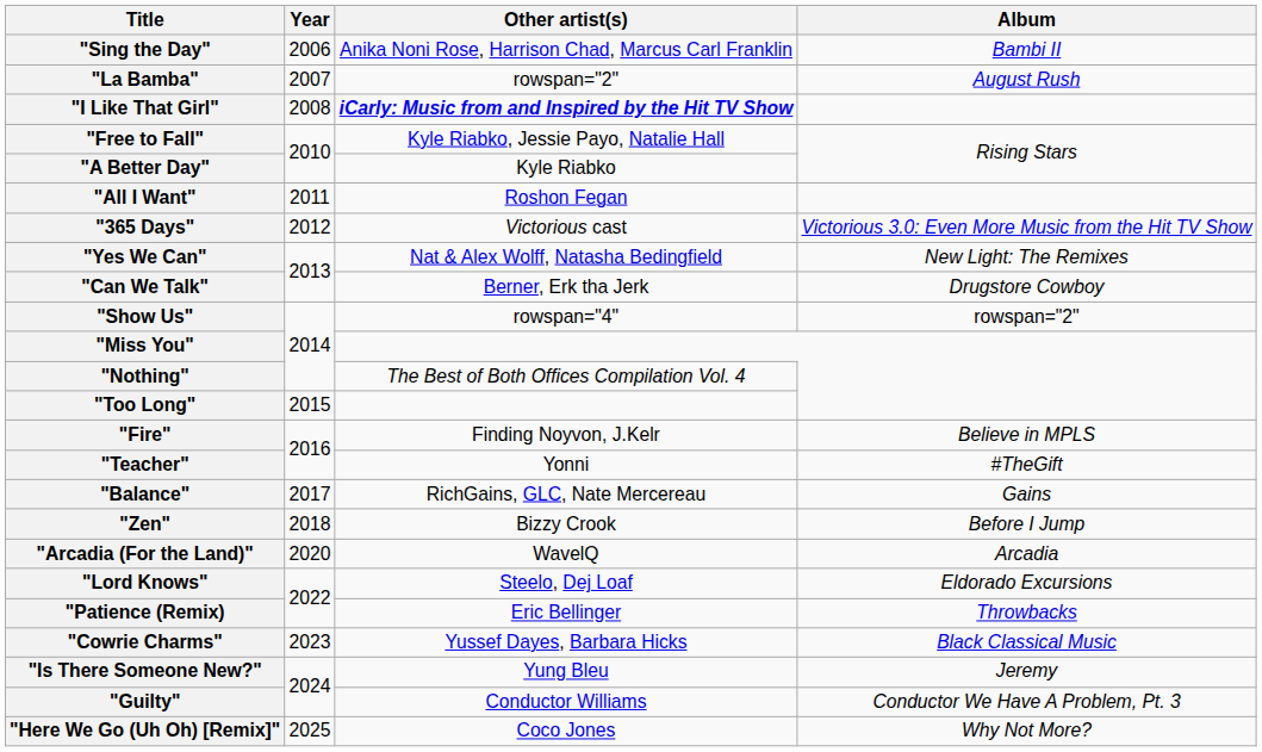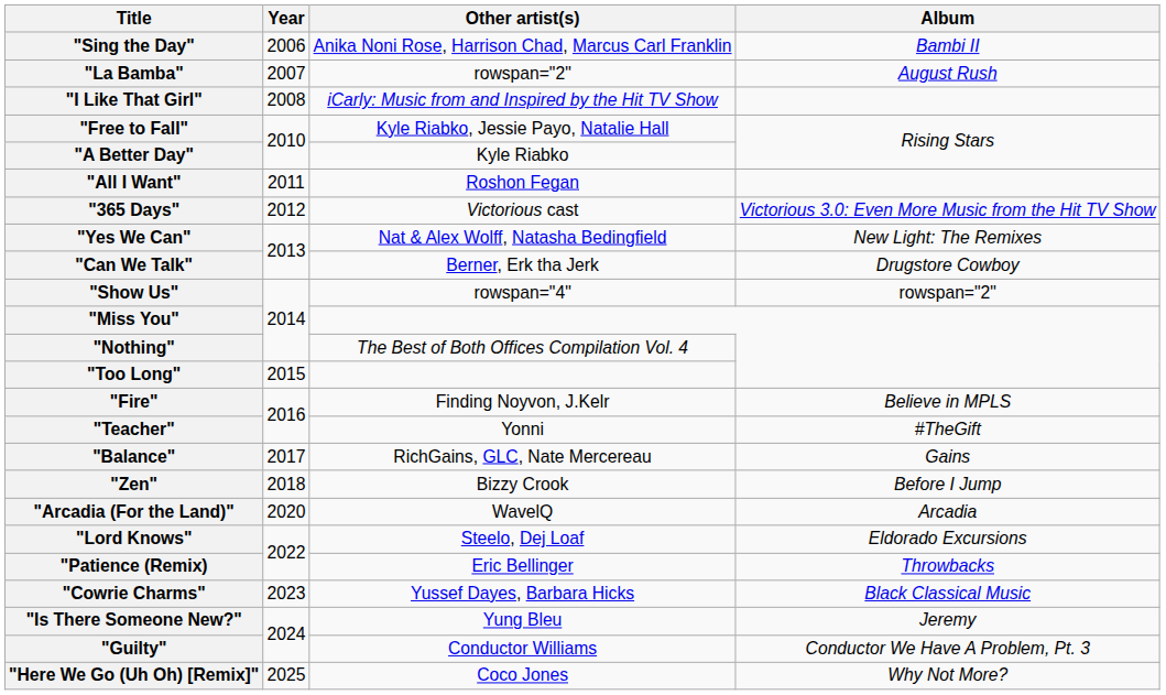 <table class="wikitable plainrowheaders" style="text-align:center;">
 <tr>
 <th scope="col">Title</th>
 <th scope="col">Year</th>
 <th scope="col">Other artist(s)</th>
 <th scope="col">Album</th>
 </tr>
 <tr>
 <th scope="row">"Sing the Day"</th>
 <td>2006</td>
 <td><a href='#'>Anika Noni Rose</a>, <a href='#'>Harrison Chad</a>, <a href='#'>Marcus Carl Franklin</a></td>
 <td><em><a href='#'>Bambi II</a></em></td>
 </tr>
 <tr>
 <th scope="row">"La Bamba"</th>
 <td>2007</td>
 <td>rowspan="2" </td>
 <td><em><a href='#'>August Rush</a></em></td>
 </tr>
 <tr>
 <th scope="row">"I Like That Girl"</th>
 <td>2008</td>
-<td><strong><em><a href='#'>iCarly: Music from and Inspired by the Hit TV Show</a></em></strong></td>
+<td><em><a href='#'>iCarly: Music from and Inspired by the Hit TV Show</a></em></td>
 </tr>
 <tr>
 <th scope="row">"Free to Fall"</th>
 <td rowspan="2">2010</td>
 <td><a href='#'>Kyle Riabko</a>, Jessie Payo, <a href='#'>Natalie Hall</a></td>
 <td rowspan="2"><em>Rising Stars</em></td>
 </tr>
 <tr>
 <th scope="row">"A Better Day"</th>
 <td>Kyle Riabko</td>
 </tr>
 <tr>
 <th scope="row">"All I Want"</th>
 <td>2011</td>
 <td><a href='#'>Roshon Fegan</a></td>
 <td></td>
 </tr>
 <tr>
 <th scope="row">"365 Days"</th>
 <td>2012</td>
 <td><em>Victorious</em> cast</td>
 <td><em><a href='#'>Victorious 3.0: Even More Music from the Hit TV Show</a></em></td>
 </tr>
 <tr>
 <th scope="row">"Yes We Can"</th>
 <td rowspan="2">2013</td>
 <td><a href='#'>Nat & Alex Wolff</a>, <a href='#'>Natasha Bedingfield</a></td>
 <td><em>New Light: The Remixes</em></td>
 </tr>
 <tr>
 <th scope="row">"Can We Talk"</th>
 <td><a href='#'>Berner</a>, Erk tha Jerk</td>
 <td><em>Drugstore Cowboy</em></td>
 </tr>
 <tr>
 <th scope="row">"Show Us"</th>
 <td rowspan="3">2014</td>
 <td>rowspan="4" </td>
 <td>rowspan="2" </td>
 </tr>
 <tr>
 <th scope="row">"Miss You"</th>
 </tr>
 <tr>
 <th scope="row">"Nothing"</th>
 <td><em>The Best of Both Offices Compilation Vol. 4</em></td>
 </tr>
 <tr>
 <th scope="row">"Too Long"</th>
 <td>2015</td>
 <td></td>
 </tr>
 <tr>
 <th scope="row">"Fire"</th>
 <td rowspan="2">2016</td>
 <td>Finding Noyvon, J.Kelr</td>
 <td><em>Believe in MPLS</em></td>
 </tr>
 <tr>
 <th scope="row">"Teacher"</th>
 <td>Yonni</td>
 <td><em>#TheGift</em></td>
 </tr>
 <tr>
 <th scope="row">"Balance"</th>
 <td>2017</td>
 <td>RichGains, <a href='#'>GLC</a>, Nate Mercereau</td>
 <td><em>Gains</em></td>
 </tr>
 <tr>
 <th scope="row">"Zen"</th>
 <td>2018</td>
 <td>Bizzy Crook</td>
 <td><em>Before I Jump</em></td>
 </tr>
 <tr>
 <th scope="row">"Arcadia (For the Land)"</th>
 <td>2020</td>
 <td>WavelQ</td>
 <td><em>Arcadia</em></td>
 </tr>
 <tr>
 <th scope="row">"Lord Knows"</th>
 <td rowspan="2">2022</td>
 <td><a href='#'>Steelo</a>, <a href='#'>Dej Loaf</a></td>
 <td><em>Eldorado Excursions</em></td>
 </tr>
 <tr>
 <th scope="row">"Patience (Remix)</th>
 <td><a href='#'>Eric Bellinger</a></td>
 <td><em><a href='#'>Throwbacks</a></em></td>
 </tr>
 <tr>
 <th scope="row">"Cowrie Charms"</th>
 <td>2023</td>
 <td><a href='#'>Yussef Dayes</a>, <a href='#'>Barbara Hicks</a></td>
 <td><em><a href='#'>Black Classical Music</a></em></td>
 </tr>
 <tr>
 <th scope="row">"Is There Someone New?"</th>
 <td rowspan="2">2024</td>
 <td><a href='#'>Yung Bleu</a></td>
 <td><em>Jeremy</em></td>
 </tr>
 <tr>
 <th scope="row">"Guilty"</th>
 <td><a href='#'>Conductor Williams</a></td>
 <td><em>Conductor We Have A Problem, Pt. 3</em></td>
 </tr>
 <tr>
 <th scope="row">"Here We Go (Uh Oh) [Remix]"</th>
 <td>2025</td>
 <td><a href='#'>Coco Jones</a></td>
 <td><em>Why Not More?</em></td>
 </tr>
 </table>
